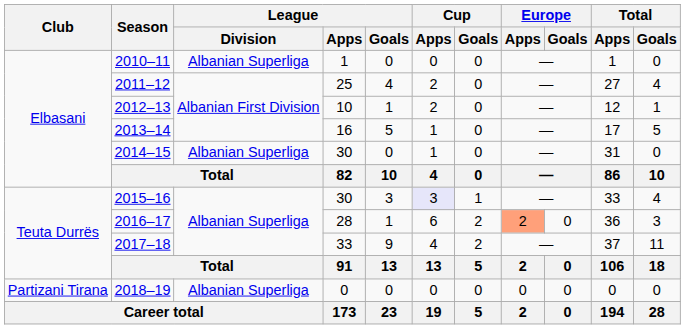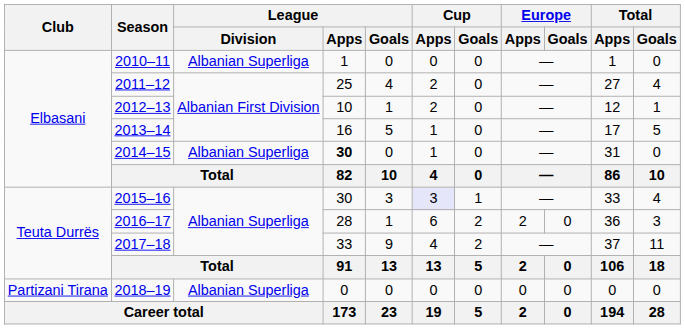 <table class="wikitable" style="text-align:center">
 <tr>
 <th rowspan="2">Club</th>
 <th rowspan="2">Season</th>
 <th colspan="3">League</th>
 <th colspan="2">Cup</th>
 <th colspan="2"><a href='#'>Europe</a></th>
 <th colspan="2">Total</th>
 </tr>
 <tr>
 <th>Division</th>
 <th>Apps</th>
 <th>Goals</th>
 <th>Apps</th>
 <th>Goals</th>
 <th>Apps</th>
 <th>Goals</th>
 <th>Apps</th>
 <th>Goals</th>
 </tr>
 <tr>
 <td rowspan="6"><a href='#'>Elbasani</a></td>
 <td><a href='#'>2010–11</a></td>
 <td rowspan="1"><a href='#'>Albanian Superliga</a></td>
 <td>1</td>
 <td>0</td>
 <td>0</td>
 <td>0</td>
 <td colspan="2">—</td>
 <td>1</td>
 <td>0</td>
 </tr>
 <tr>
 <td><a href='#'>2011–12</a></td>
 <td rowspan="3"><a href='#'>Albanian First Division</a></td>
 <td>25</td>
 <td>4</td>
 <td>2</td>
 <td>0</td>
 <td colspan="2">—</td>
 <td>27</td>
 <td>4</td>
 </tr>
 <tr>
 <td><a href='#'>2012–13</a></td>
 <td>10</td>
 <td>1</td>
 <td>2</td>
 <td>0</td>
 <td colspan="2">—</td>
 <td>12</td>
 <td>1</td>
 </tr>
 <tr>
 <td><a href='#'>2013–14</a></td>
 <td>16</td>
 <td>5</td>
 <td>1</td>
 <td>0</td>
 <td colspan="2">—</td>
 <td>17</td>
 <td>5</td>
 </tr>
 <tr>
 <td><a href='#'>2014–15</a></td>
 <td rowspan="1"><a href='#'>Albanian Superliga</a></td>
-<td>30</td>
+<td><strong>30</strong></td>
 <td>0</td>
 <td>1</td>
 <td>0</td>
 <td colspan="2">—</td>
 <td>31</td>
 <td>0</td>
 </tr>
 <tr>
 <th colspan="2">Total</th>
 <th>82</th>
 <th>10</th>
 <th>4</th>
 <th>0</th>
 <th colspan="2">—</th>
 <th>86</th>
 <th>10</th>
 </tr>
 <tr>
 <td rowspan="4"><a href='#'>Teuta Durrës</a></td>
 <td><a href='#'>2015–16</a></td>
 <td rowspan="3"><a href='#'>Albanian Superliga</a></td>
 <td>30</td>
 <td>3</td>
 <td style="background: lavender;">3</td>
 <td>1</td>
 <td colspan="2">—</td>
 <td>33</td>
 <td>4</td>
 </tr>
 <tr>
 <td><a href='#'>2016–17</a></td>
 <td>28</td>
 <td>1</td>
 <td>6</td>
 <td>2</td>
-<td style="background: lightsalmon;">2</td>
+<td>2</td>
 <td>0</td>
 <td>36</td>
 <td>3</td>
 </tr>
 <tr>
 <td><a href='#'>2017–18</a></td>
 <td>33</td>
 <td>9</td>
 <td>4</td>
 <td>2</td>
 <td colspan="2">—</td>
 <td>37</td>
 <td>11</td>
 </tr>
 <tr>
 <th colspan="2">Total</th>
 <th>91</th>
 <th>13</th>
 <th>13</th>
 <th>5</th>
 <th>2</th>
 <th>0</th>
 <th>106</th>
 <th>18</th>
 </tr>
 <tr>
 <td rowspan="1"><a href='#'>Partizani Tirana</a></td>
 <td><a href='#'>2018–19</a></td>
 <td rowspan="1"><a href='#'>Albanian Superliga</a></td>
 <td>0</td>
 <td>0</td>
 <td>0</td>
 <td>0</td>
 <td>0</td>
 <td>0</td>
 <td>0</td>
 <td>0</td>
 </tr>
 <tr>
 <th colspan="3">Career total</th>
 <th>173</th>
 <th>23</th>
 <th>19</th>
 <th>5</th>
 <th>2</th>
 <th>0</th>
 <th>194</th>
 <th>28</th>
 </tr>
 </table>
